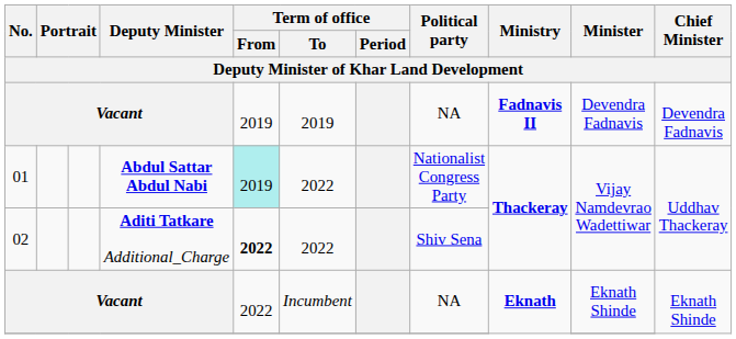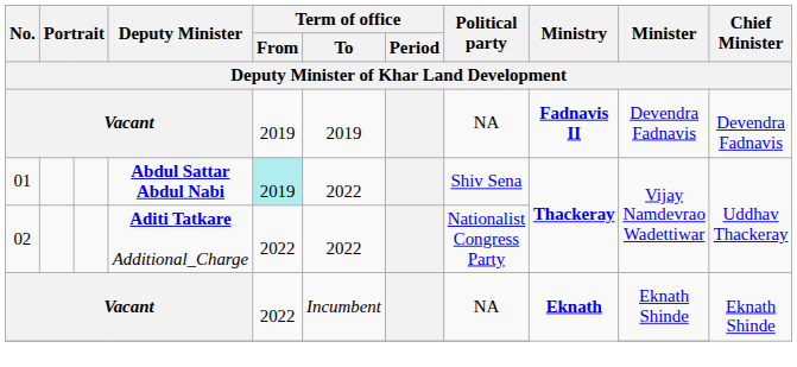 <table class="wikitable" style="text-align:center">
 <tr>
 <th rowspan="2">No.</th>
 <th rowspan="2" colspan="2">Portrait</th>
 <th rowspan="2" style="width:16em">Deputy Minister<br></th>
 <th colspan="3">Term of office</th>
 <th rowspan="2" style="width:8em">Political party</th>
 <th rowspan="2">Ministry</th>
 <th rowspan="2" style="width:9em">Minister</th>
 <th rowspan="2" style="width:9em">Chief Minister</th>
 </tr>
 <tr>
 <th style="width:6em">From</th>
 <th style="width:6em">To</th>
 <th>Period</th>
 </tr>
 <tr>
 <th colspan="11">Deputy Minister of Khar Land Development</th>
 </tr>
 <tr>
 <th colspan="04"><strong><em> Vacant</em></strong></th>
 <td><br>2019</td>
 <td><br>2019</td>
 <th></th>
 <td>NA</td>
 <td rowspan="1"><a href='#'><strong>Fadnavis II</strong></a></td>
 <td><a href='#'>Devendra Fadnavis</a></td>
 <td rowspan="1"> <br><a href='#'>Devendra Fadnavis</a></td>
 </tr>
 <tr>
 <td>01</td>
 <td style="color:inherit;background:"></td>
 <td></td>
 <td><strong><a href='#'>Abdul Sattar Abdul Nabi</a></strong> <br> </td>
 <td style="background: paleturquoise;"><br>2019</td>
 <td><br>2022</td>
 <th></th>
-<td><a href='#'>Nationalist Congress Party</a></td>
+<td><a href='#'>Shiv Sena</a></td>
 <td rowspan="2"><a href='#'><strong>Thackeray</strong></a></td>
 <td rowspan="2"><a href='#'>Vijay Namdevrao Wadettiwar</a></td>
 <td rowspan="2"> <br><a href='#'>Uddhav Thackeray</a></td>
 </tr>
 <tr>
 <td>02</td>
 <td style="color:inherit;background:"></td>
 <td></td>
 <td><strong><a href='#'>Aditi Tatkare</a></strong> <br> <br><em>Additional_Charge</em></td>
-<td><strong><br>2022</strong></td>
+<td><br>2022</td>
 <td><br>2022</td>
 <th></th>
-<td><a href='#'>Shiv Sena</a></td>
+<td><a href='#'>Nationalist Congress Party</a></td>
 </tr>
 <tr>
 <th colspan="04"><strong><em>Vacant</em></strong></th>
 <td><br>2022</td>
 <td><em>Incumbent</em></td>
 <th></th>
 <td>NA</td>
 <td rowspan="2"><a href='#'><strong>Eknath</strong></a></td>
 <td><a href='#'>Eknath Shinde</a></td>
 <td rowspan="2"> <br><a href='#'>Eknath Shinde</a></td>
 </tr>
 <tr>
 </tr>
 </table>
